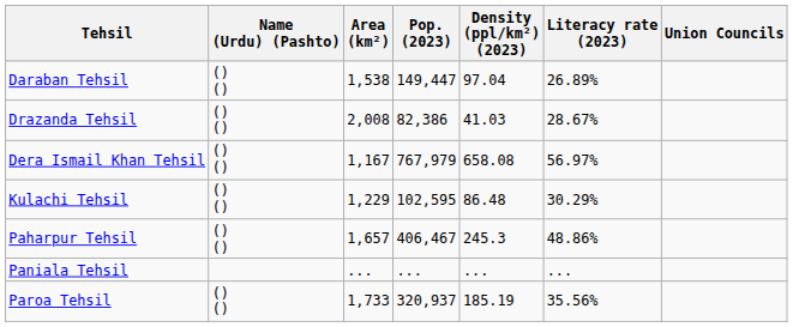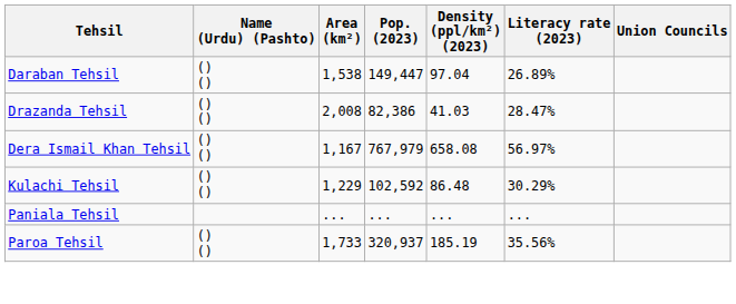 <table class="wikitable sortable static-row-numbers static-row-header-hash">
 <tr>
 <th>Tehsil</th>
 <th>Name<br>(Urdu) (Pashto)</th>
 <th>Area<br>(km²)</th>
 <th>Pop.<br>(2023)</th>
 <th>Density<br>(ppl/km²)<br>(2023)</th>
 <th>Literacy rate<br>(2023)</th>
 <th>Union Councils</th>
 </tr>
 <tr>
 <td><a href='#'>Daraban Tehsil</a></td>
 <td>()<br>()</td>
 <td>1,538</td>
 <td>149,447</td>
 <td>97.04</td>
 <td>26.89%</td>
 <td></td>
 </tr>
 <tr>
 <td><a href='#'>Drazanda Tehsil</a></td>
 <td>()<br>()</td>
 <td>2,008</td>
 <td>82,386</td>
 <td>41.03</td>
-<td>28.67%</td>
+<td>28.47%</td>
 <td></td>
 </tr>
 <tr>
 <td><a href='#'>Dera Ismail Khan Tehsil</a></td>
 <td>()<br>()</td>
 <td>1,167</td>
 <td>767,979</td>
 <td>658.08</td>
 <td>56.97%</td>
 <td></td>
 </tr>
 <tr>
 <td><a href='#'>Kulachi Tehsil</a></td>
 <td>()<br>()</td>
 <td>1,229</td>
-<td>102,595</td>
+<td>102,592</td>
 <td>86.48</td>
 <td>30.29%</td>
-<td></td>
-</tr>
-<tr>
-<td><a href='#'>Paharpur Tehsil</a></td>
-<td>()<br>()</td>
-<td>1,657</td>
-<td>406,467</td>
-<td>245.3</td>
-<td>48.86%</td>
 <td></td>
 </tr>
 <tr>
 <td><a href='#'>Paniala Tehsil</a></td>
 <td></td>
 <td>...</td>
 <td>...</td>
 <td>...</td>
 <td>...</td>
 <td></td>
 </tr>
 <tr>
 <td><a href='#'>Paroa Tehsil</a></td>
 <td>()<br>()</td>
 <td>1,733</td>
 <td>320,937</td>
 <td>185.19</td>
 <td>35.56%</td>
 <td></td>
 </tr>
 </table>
